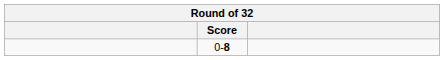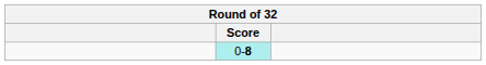 <table class="wikitable" style="text-align: center; font-size:90% ">
 <tr>
 <th colspan=3>Round of 32</th>
 </tr>
 <tr>
 <th align="right" width="250"></th>
 <th width="60">Score</th>
 <th align="left" width="250"></th>
 </tr>
 <tr>
 <td align=left></td>
-<td align=center>0-<strong>8</strong></td>
+<td align=center style="background: paleturquoise;">0-<strong>8</strong></td>
 <td align=left><strong></strong></td>
 </tr>
 </table>
